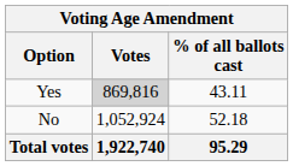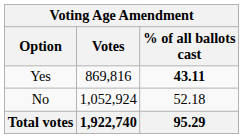 <table class="wikitable">
 <tr>
 <th colspan=4 text align=center>Voting Age Amendment</th>
 </tr>
 <tr>
 <th>Option</th>
 <th>Votes</th>
 <th>% of all ballots<br>cast</th>
 </tr>
 <tr>
 <td text align=center>Yes</td>
-<td text align=center style="background: lightgrey;">869,816</td>
-<td text align=center>43.11</td>
+<td text align=center>869,816</td>
+<td text align=center><strong>43.11</strong></td>
 </tr>
 <tr>
 <td text align=center>No</td>
 <td text align=center>1,052,924</td>
 <td text align=center>52.18</td>
 </tr>
 <tr>
 <th text align=center>Total votes</th>
 <th text align=center><strong>1,922,740</strong></th>
 <th text align=center><strong>95.29</strong></th>
 </tr>
 </table>
